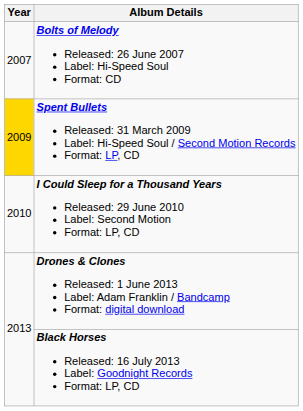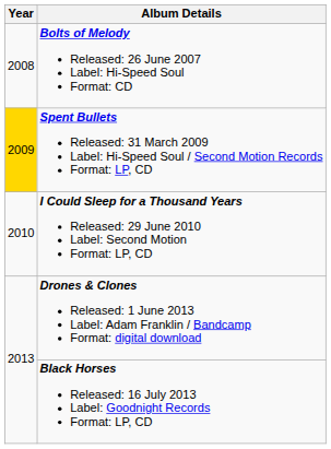 <table class="wikitable">
 <tr>
 <th width="33">Year</th>
 <th>Album Details</th>
 </tr>
 <tr>
-<td align="center">2007</td>
+<td align="center">2008</td>
 <td><strong><em><a href='#'>Bolts of Melody</a></em></strong><br><ul><li>Released: 26 June 2007</li><li>Label: Hi-Speed Soul</li><li>Format: CD</li></ul></td>
 </tr>
 <tr>
 <td align="center" style="background: gold;">2009</td>
 <td><strong><em><a href='#'>Spent Bullets</a></em></strong><br><ul><li>Released: 31 March 2009</li><li>Label: Hi-Speed Soul / <a href='#'>Second Motion Records</a></li><li>Format: <a href='#'>LP</a>, CD</li></ul></td>
 </tr>
 <tr>
 <td align="center">2010</td>
 <td><strong><em>I Could Sleep for a Thousand Years</em></strong><br><ul><li>Released: 29 June 2010</li><li>Label: Second Motion</li><li>Format: LP, CD</li></ul></td>
 </tr>
 <tr>
 <td align="center" rowspan="2">2013</td>
 <td><strong><em>Drones & Clones</em></strong><br><ul><li>Released: 1 June 2013</li><li>Label: Adam Franklin / <a href='#'>Bandcamp</a></li><li>Format: <a href='#'>digital download</a></li></ul></td>
 </tr>
 <tr>
 <td><strong><em>Black Horses</em></strong><br><ul><li>Released: 16 July 2013</li><li>Label: <a href='#'>Goodnight Records</a></li><li>Format: LP, CD</li></ul></td>
 </tr>
 </table>
